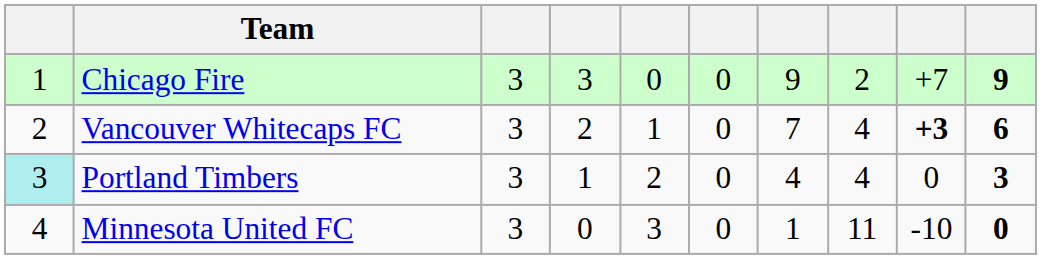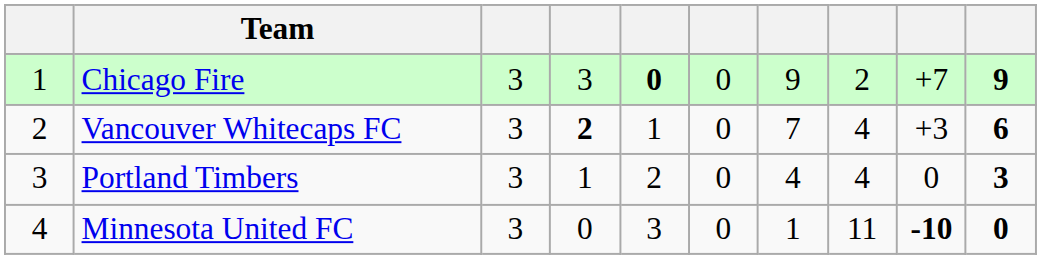 <table class="wikitable" style="text-align: center;">
 <tr>
 <th style="width:28px;"></th>
 <th style="width:200px;">Team</th>
 <th width="28"></th>
 <th width="28"></th>
 <th width="28"></th>
 <th width="28"></th>
 <th width="28"></th>
 <th width="28"></th>
 <th width="28"></th>
 <th width="28"></th>
 </tr>
 <tr bgcolor="#CCFFCC">
 <td>1</td>
 <td style="text-align:left;"><a href='#'>Chicago Fire</a></td>
 <td>3</td>
 <td>3</td>
-<td>0</td>
+<td><strong>0</strong></td>
 <td>0</td>
 <td>9</td>
 <td>2</td>
 <td>+7</td>
 <td><strong>9</strong></td>
 </tr>
 <tr>
 <td>2</td>
 <td style="text-align:left;"><a href='#'>Vancouver Whitecaps FC</a></td>
 <td>3</td>
-<td>2</td>
+<td><strong>2</strong></td>
 <td>1</td>
 <td>0</td>
 <td>7</td>
 <td>4</td>
-<td><strong>+3</strong></td>
+<td>+3</td>
 <td><strong>6</strong></td>
 </tr>
 <tr>
-<td style="background: paleturquoise;">3</td>
+<td>3</td>
 <td style="text-align:left;"><a href='#'>Portland Timbers</a></td>
 <td>3</td>
 <td>1</td>
 <td>2</td>
 <td>0</td>
 <td>4</td>
 <td>4</td>
 <td>0</td>
 <td><strong>3</strong></td>
 </tr>
 <tr>
 <td>4</td>
 <td style="text-align:left;"><a href='#'>Minnesota United FC</a></td>
 <td>3</td>
 <td>0</td>
 <td>3</td>
 <td>0</td>
 <td>1</td>
 <td>11</td>
-<td>-10</td>
+<td><strong>-10</strong></td>
 <td><strong>0</strong></td>
 </tr>
 </table>
